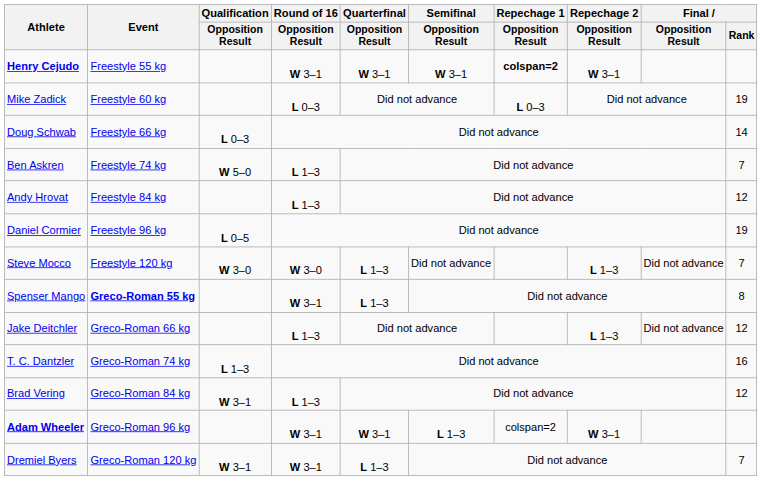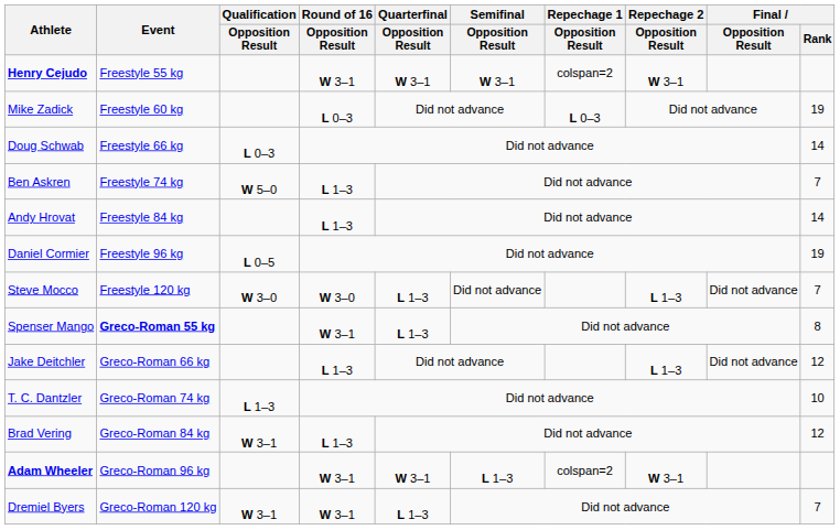 <table class=wikitable style=font-size:90%;text-align:center>
 <tr>
 <th rowspan=2>Athlete</th>
 <th rowspan=2>Event</th>
 <th>Qualification</th>
 <th>Round of 16</th>
 <th>Quarterfinal</th>
 <th>Semifinal</th>
 <th>Repechage 1</th>
 <th>Repechage 2</th>
 <th colspan=2>Final / </th>
 </tr>
 <tr style=font-size:95%>
 <th>Opposition<br>Result</th>
 <th>Opposition<br>Result</th>
 <th>Opposition<br>Result</th>
 <th>Opposition<br>Result</th>
 <th>Opposition<br>Result</th>
 <th>Opposition<br>Result</th>
 <th>Opposition<br>Result</th>
 <th>Rank</th>
 </tr>
 <tr>
 <td align=left><strong><a href='#'>Henry Cejudo</a></strong></td>
 <td align=left><a href='#'>Freestyle 55 kg</a></td>
 <td></td>
 <td><br><strong>W</strong> 3–1 <sup></sup></td>
 <td><br><strong>W</strong> 3–1 <sup></sup></td>
 <td><br><strong>W</strong> 3–1 <sup></sup></td>
-<td><strong>colspan=2 </strong></td>
+<td>colspan=2 </td>
 <td><br><strong>W</strong> 3–1 <sup></sup></td>
 <td></td>
 </tr>
 <tr>
 <td align=left><a href='#'>Mike Zadick</a></td>
 <td align=left><a href='#'>Freestyle 60 kg</a></td>
 <td></td>
 <td><br><strong>L</strong> 0–3 <sup></sup></td>
 <td colspan=2>Did not advance</td>
 <td><br><strong>L</strong> 0–3 <sup></sup></td>
 <td colspan=2>Did not advance</td>
 <td>19</td>
 </tr>
 <tr>
 <td align=left><a href='#'>Doug Schwab</a></td>
 <td align=left><a href='#'>Freestyle 66 kg</a></td>
 <td><br><strong>L</strong> 0–3 <sup></sup></td>
 <td colspan=6>Did not advance</td>
 <td>14</td>
 </tr>
 <tr>
 <td align=left><a href='#'>Ben Askren</a></td>
 <td align=left><a href='#'>Freestyle 74 kg</a></td>
 <td><br><strong>W</strong> 5–0 <sup></sup></td>
 <td><br><strong>L</strong> 1–3 <sup></sup></td>
 <td colspan=5>Did not advance</td>
 <td>7</td>
 </tr>
 <tr>
 <td align=left><a href='#'>Andy Hrovat</a></td>
 <td align=left><a href='#'>Freestyle 84 kg</a></td>
 <td></td>
 <td><br><strong>L</strong> 1–3 <sup></sup></td>
 <td colspan=5>Did not advance</td>
-<td>12</td>
+<td>14</td>
 </tr>
 <tr>
 <td align=left><a href='#'>Daniel Cormier</a></td>
 <td align=left><a href='#'>Freestyle 96 kg</a></td>
 <td><br><strong>L</strong> 0–5 <sup></sup></td>
 <td colspan=6>Did not advance</td>
 <td>19</td>
 </tr>
 <tr>
 <td align=left><a href='#'>Steve Mocco</a></td>
 <td align=left><a href='#'>Freestyle 120 kg</a></td>
 <td><br><strong>W</strong> 3–0 <sup></sup></td>
 <td><br><strong>W</strong> 3–0 <sup></sup></td>
 <td><br><strong>L</strong> 1–3 <sup></sup></td>
 <td>Did not advance</td>
 <td></td>
 <td><br><strong>L</strong> 1–3 <sup></sup></td>
 <td>Did not advance</td>
 <td>7</td>
 </tr>
 <tr>
 <td align=left><a href='#'>Spenser Mango</a></td>
 <td align=left><strong><a href='#'>Greco-Roman 55 kg</a></strong></td>
 <td></td>
 <td><br><strong>W</strong> 3–1 <sup></sup></td>
 <td><br><strong>L</strong> 1–3 <sup></sup></td>
 <td colspan=4>Did not advance</td>
 <td>8</td>
 </tr>
 <tr>
 <td align=left><a href='#'>Jake Deitchler</a></td>
 <td align=left><a href='#'>Greco-Roman 66 kg</a></td>
 <td></td>
 <td><br><strong>L</strong> 1–3 <sup></sup></td>
 <td colspan=2>Did not advance</td>
 <td></td>
 <td><br><strong>L</strong> 1–3 <sup></sup></td>
 <td>Did not advance</td>
 <td>12</td>
 </tr>
 <tr>
 <td align=left><a href='#'>T. C. Dantzler</a></td>
 <td align=left><a href='#'>Greco-Roman 74 kg</a></td>
 <td><br><strong>L</strong> 1–3 <sup></sup></td>
 <td colspan=6>Did not advance</td>
-<td>16</td>
+<td>10</td>
 </tr>
 <tr>
 <td align=left><a href='#'>Brad Vering</a></td>
 <td align=left><a href='#'>Greco-Roman 84 kg</a></td>
 <td><br><strong>W</strong> 3–1 <sup></sup></td>
 <td><br><strong>L</strong> 1–3 <sup></sup></td>
 <td colspan=5>Did not advance</td>
 <td>12</td>
 </tr>
 <tr>
 <td align=left><strong><a href='#'>Adam Wheeler</a></strong></td>
 <td align=left><a href='#'>Greco-Roman 96 kg</a></td>
 <td></td>
 <td><br><strong>W</strong> 3–1 <sup></sup></td>
 <td><br><strong>W</strong> 3–1 <sup></sup></td>
 <td><br><strong>L</strong> 1–3 <sup></sup></td>
 <td>colspan=2 </td>
 <td><br><strong>W</strong> 3–1 <sup></sup></td>
 <td></td>
 </tr>
 <tr>
 <td align=left><a href='#'>Dremiel Byers</a></td>
 <td align=left><a href='#'>Greco-Roman 120 kg</a></td>
 <td><br><strong>W</strong> 3–1 <sup></sup></td>
 <td><br><strong>W</strong> 3–1 <sup></sup></td>
 <td><br><strong>L</strong> 1–3 <sup></sup></td>
 <td colspan=4>Did not advance</td>
 <td>7</td>
 </tr>
 </table>
